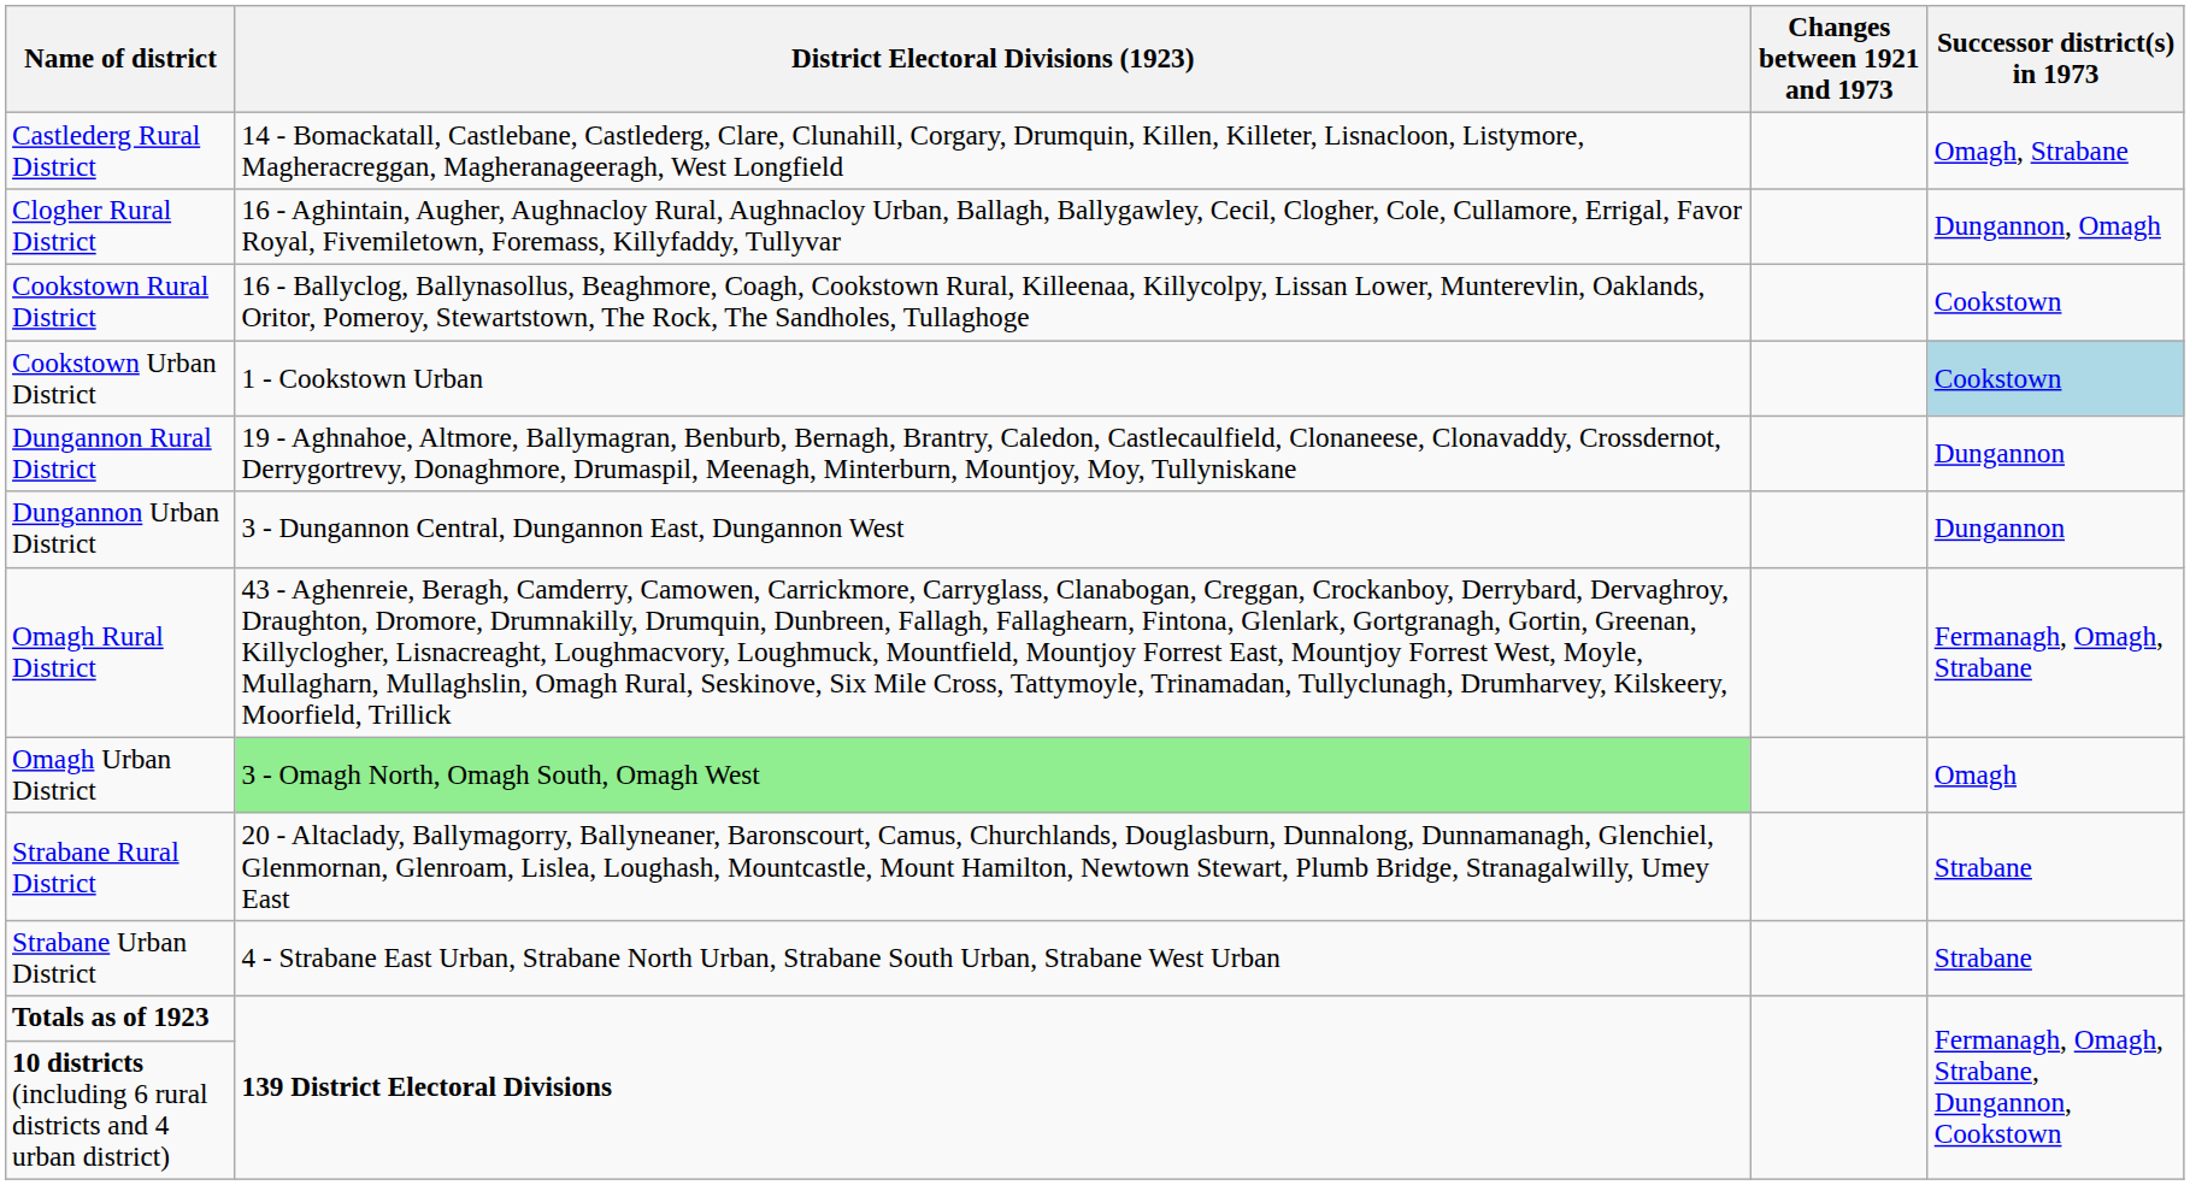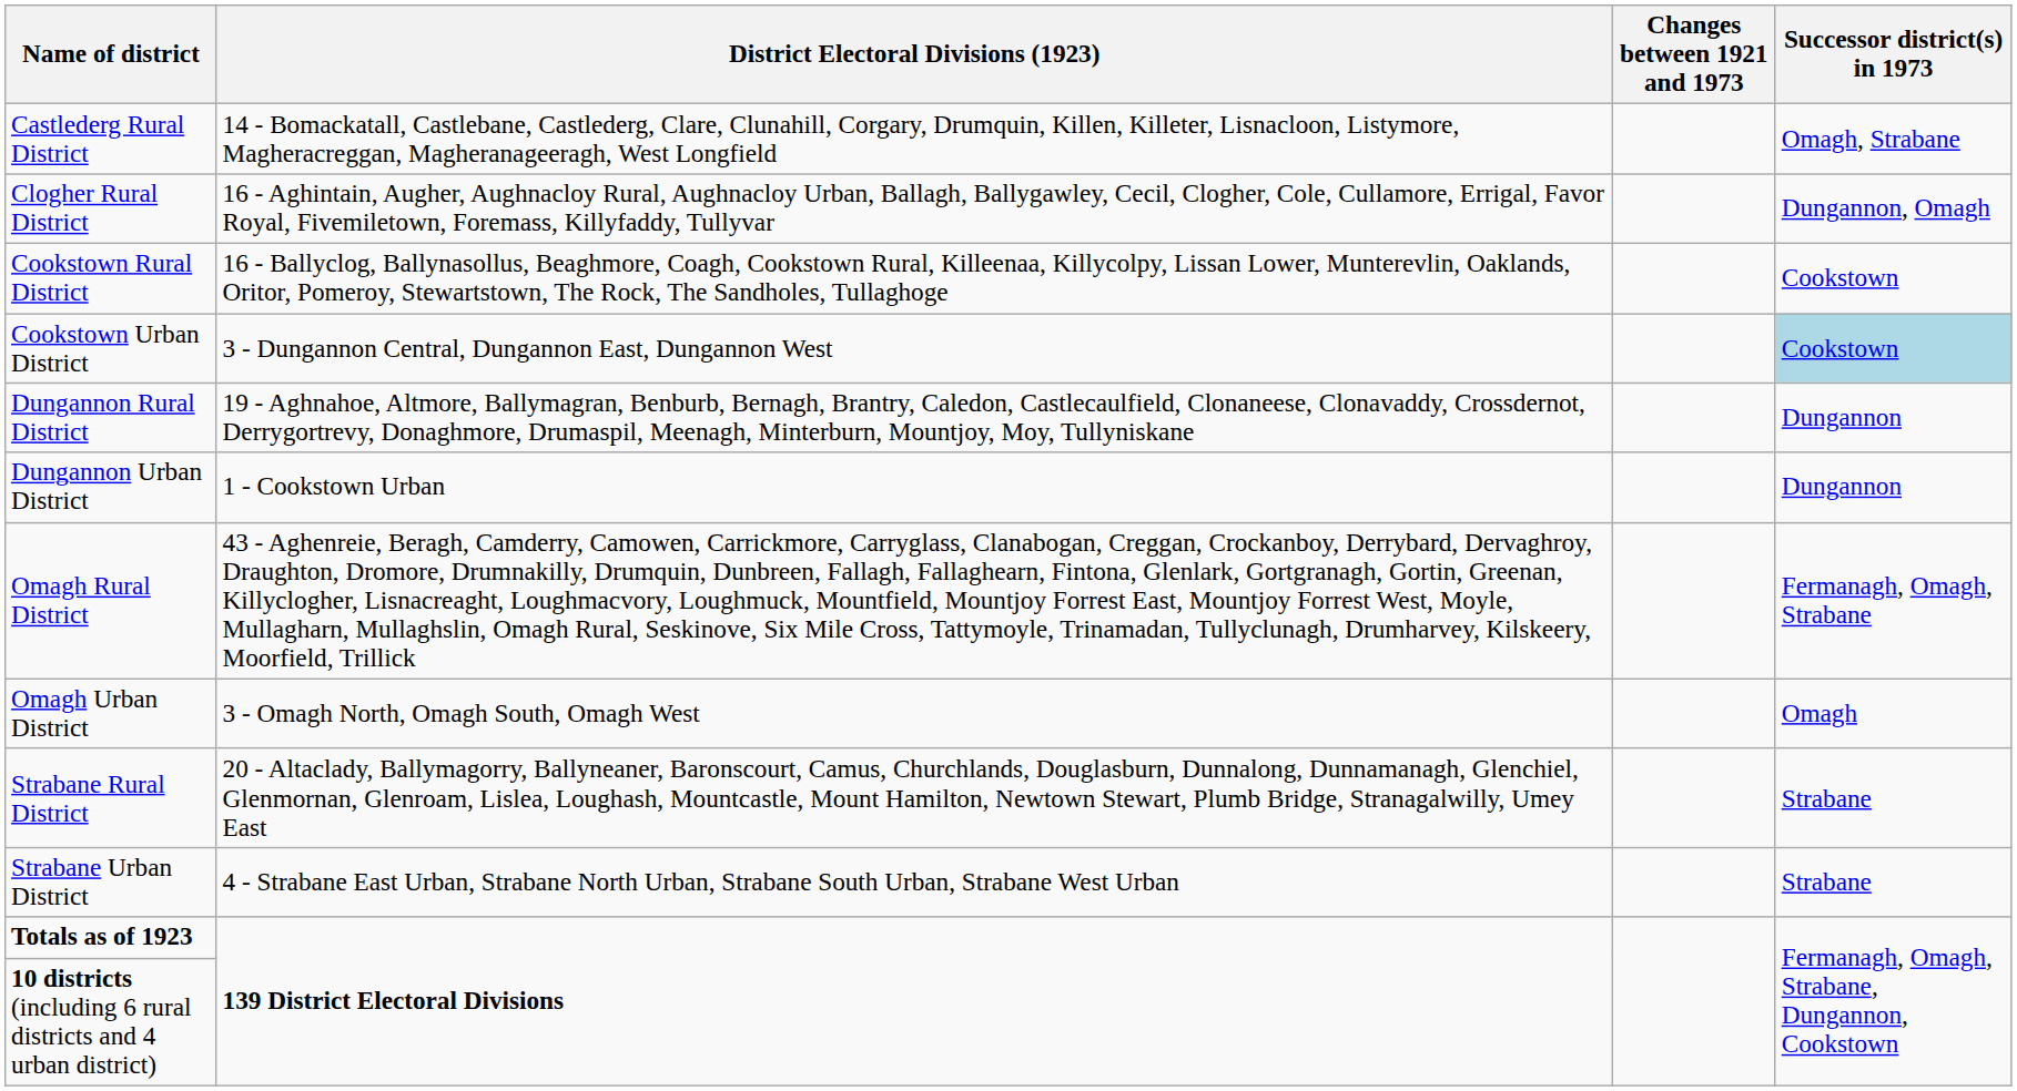 <table class="wikitable">
 <tr>
 <th>Name of district</th>
 <th>District Electoral Divisions (1923)</th>
 <th>Changes between 1921 and 1973</th>
 <th>Successor district(s) in 1973</th>
 </tr>
 <tr>
 <td><a href='#'>Castlederg Rural District</a></td>
 <td>14 - Bomackatall, Castlebane, Castlederg, Clare, Clunahill, Corgary, Drumquin, Killen, Killeter, Lisnacloon, Listymore, Magheracreggan, Magheranageeragh, West Longfield</td>
 <td></td>
 <td><a href='#'>Omagh</a>, <a href='#'>Strabane</a></td>
 </tr>
 <tr>
 <td><a href='#'>Clogher Rural District</a></td>
 <td>16 - Aghintain, Augher, Aughnacloy Rural, Aughnacloy Urban, Ballagh, Ballygawley, Cecil, Clogher, Cole, Cullamore, Errigal, Favor Royal, Fivemiletown, Foremass, Killyfaddy, Tullyvar</td>
 <td></td>
 <td><a href='#'>Dungannon</a>, <a href='#'>Omagh</a></td>
 </tr>
 <tr>
 <td><a href='#'>Cookstown Rural District</a></td>
 <td>16 - Ballyclog, Ballynasollus, Beaghmore, Coagh, Cookstown Rural, Killeenaa, Killycolpy, Lissan Lower, Munterevlin, Oaklands, Oritor, Pomeroy, Stewartstown, The Rock, The Sandholes, Tullaghoge</td>
 <td></td>
 <td><a href='#'>Cookstown</a></td>
 </tr>
 <tr>
 <td><a href='#'>Cookstown</a> Urban District</td>
-<td>1 - Cookstown Urban</td>
+<td>3 - Dungannon Central, Dungannon East, Dungannon West</td>
 <td></td>
 <td style="background: lightblue;"><a href='#'>Cookstown</a></td>
 </tr>
 <tr>
 <td><a href='#'>Dungannon Rural District</a></td>
 <td>19 - Aghnahoe, Altmore, Ballymagran, Benburb, Bernagh, Brantry, Caledon, Castlecaulfield, Clonaneese, Clonavaddy, Crossdernot, Derrygortrevy, Donaghmore, Drumaspil, Meenagh, Minterburn, Mountjoy, Moy, Tullyniskane</td>
 <td></td>
 <td><a href='#'>Dungannon</a></td>
 </tr>
 <tr>
 <td><a href='#'>Dungannon</a> Urban District</td>
-<td>3 - Dungannon Central, Dungannon East, Dungannon West</td>
+<td>1 - Cookstown Urban</td>
 <td></td>
 <td><a href='#'>Dungannon</a></td>
 </tr>
 <tr>
 <td><a href='#'>Omagh Rural District</a></td>
 <td>43 - Aghenreie, Beragh, Camderry, Camowen, Carrickmore, Carryglass, Clanabogan, Creggan, Crockanboy, Derrybard, Dervaghroy, Draughton, Dromore, Drumnakilly, Drumquin, Dunbreen, Fallagh, Fallaghearn, Fintona, Glenlark, Gortgranagh, Gortin, Greenan, Killyclogher, Lisnacreaght, Loughmacvory, Loughmuck, Mountfield, Mountjoy Forrest East, Mountjoy Forrest West, Moyle, Mullagharn, Mullaghslin, Omagh Rural, Seskinove, Six Mile Cross, Tattymoyle, Trinamadan, Tullyclunagh, Drumharvey, Kilskeery, Moorfield, Trillick</td>
 <td></td>
 <td><a href='#'>Fermanagh</a>, <a href='#'>Omagh</a>, <a href='#'>Strabane</a></td>
 </tr>
 <tr>
 <td><a href='#'>Omagh</a> Urban District</td>
-<td style="background: lightgreen;">3 - Omagh North, Omagh South, Omagh West</td>
+<td>3 - Omagh North, Omagh South, Omagh West</td>
 <td></td>
 <td><a href='#'>Omagh</a></td>
 </tr>
 <tr>
 <td><a href='#'>Strabane Rural District</a></td>
 <td>20 - Altaclady, Ballymagorry, Ballyneaner, Baronscourt, Camus, Churchlands, Douglasburn, Dunnalong, Dunnamanagh, Glenchiel, Glenmornan, Glenroam, Lislea, Loughash, Mountcastle, Mount Hamilton, Newtown Stewart, Plumb Bridge, Stranagalwilly, Umey East</td>
 <td></td>
 <td><a href='#'>Strabane</a></td>
 </tr>
 <tr>
 <td><a href='#'>Strabane</a> Urban District</td>
 <td>4 - Strabane East Urban, Strabane North Urban, Strabane South Urban, Strabane West Urban</td>
 <td></td>
 <td><a href='#'>Strabane</a></td>
 </tr>
 <tr>
 <td><strong>Totals as of 1923</strong></td>
 <td rowspan="2"><strong>139 District Electoral Divisions</strong></td>
 <td rowspan="2"></td>
 <td rowspan="2"><a href='#'>Fermanagh</a>, <a href='#'>Omagh</a>, <a href='#'>Strabane</a>, <a href='#'>Dungannon</a>, <a href='#'>Cookstown</a></td>
 </tr>
 <tr>
 <td><strong>10 districts</strong><br>(including 6 rural districts and 4 urban district)</td>
 </tr>
 </table>
